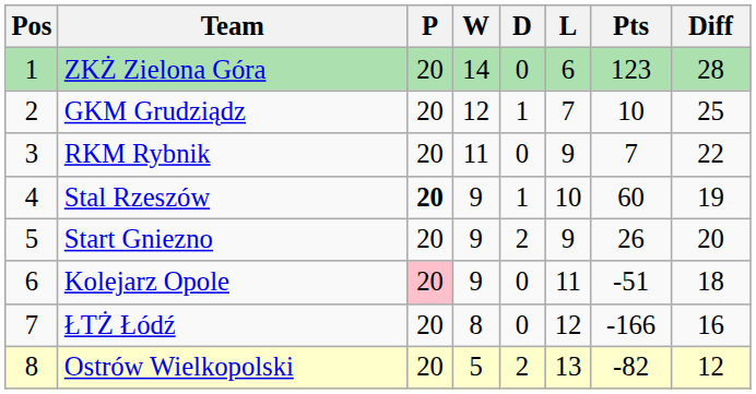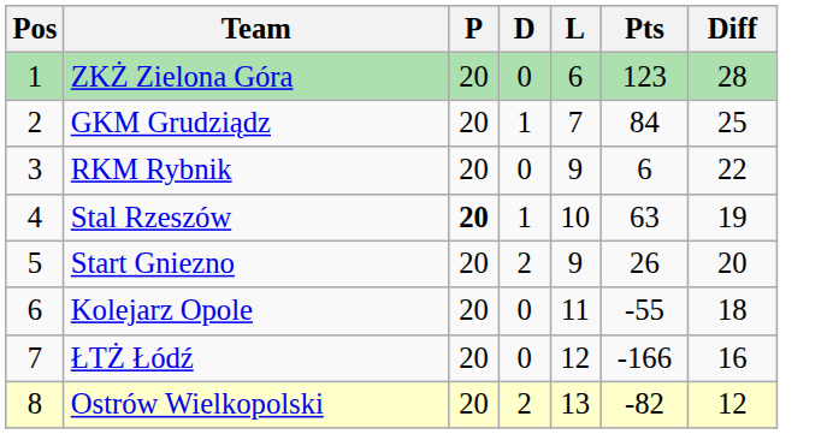 <table class="wikitable" style="font-size: 100%">
 <tr>
 <th width=20>Pos</th>
 <th width=200>Team</th>
 <th width=20>P</th>
-<th width=20>W</th>
 <th width=20>D</th>
 <th width=20>L</th>
 <th width=40>Pts</th>
 <th width=40>Diff</th>
 </tr>
 <tr align=center style="background:#ACE1AF;">
 <td>1</td>
 <td align="left"><a href='#'>ZKŻ Zielona Góra</a></td>
 <td>20</td>
-<td>14</td>
 <td>0</td>
 <td>6</td>
 <td>123</td>
 <td>28</td>
 </tr>
 <tr align=center>
 <td>2</td>
 <td align="left"><a href='#'>GKM Grudziądz</a></td>
 <td>20</td>
-<td>12</td>
 <td>1</td>
 <td>7</td>
-<td>10</td>
+<td>84</td>
 <td>25</td>
 </tr>
 <tr align=center>
 <td>3</td>
 <td align="left"><a href='#'>RKM Rybnik</a></td>
 <td>20</td>
-<td>11</td>
 <td>0</td>
 <td>9</td>
-<td>7</td>
+<td>6</td>
 <td>22</td>
 </tr>
 <tr align=center>
 <td>4</td>
 <td align="left"><a href='#'>Stal Rzeszów</a></td>
 <td><strong>20</strong></td>
-<td>9</td>
 <td>1</td>
 <td>10</td>
-<td>60</td>
+<td>63</td>
 <td>19</td>
 </tr>
 <tr align=center>
 <td>5</td>
 <td align="left"><a href='#'>Start Gniezno</a></td>
 <td>20</td>
-<td>9</td>
 <td>2</td>
 <td>9</td>
 <td>26</td>
 <td>20</td>
 </tr>
 <tr align=center>
 <td>6</td>
 <td align="left"><a href='#'>Kolejarz Opole</a></td>
-<td style="background: pink;">20</td>
-<td>9</td>
+<td>20</td>
 <td>0</td>
 <td>11</td>
-<td>-51</td>
+<td>-55</td>
 <td>18</td>
 </tr>
 <tr align=center>
 <td>7</td>
 <td align="left"><a href='#'>ŁTŻ Łódź</a></td>
 <td>20</td>
-<td>8</td>
 <td>0</td>
 <td>12</td>
 <td>-166</td>
 <td>16</td>
 </tr>
 <tr align=center style="background: #ffffcc;">
 <td>8</td>
 <td align="left"><a href='#'>Ostrów Wielkopolski</a></td>
 <td>20</td>
-<td>5</td>
 <td>2</td>
 <td>13</td>
 <td>-82</td>
 <td>12</td>
 </tr>
 </table>
